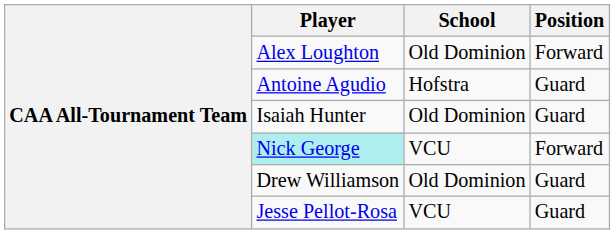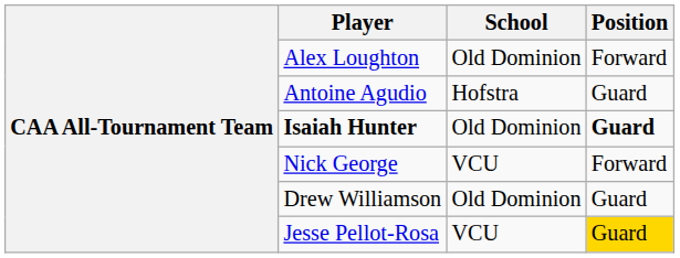 <table class="wikitable" border="1">
 <tr>
 <th rowspan=7 valign=middle>CAA All-Tournament Team</th>
 <th>Player</th>
 <th>School</th>
 <th>Position</th>
 </tr>
 <tr>
 <td><a href='#'>Alex Loughton</a></td>
 <td>Old Dominion</td>
 <td>Forward</td>
 </tr>
 <tr>
 <td><a href='#'>Antoine Agudio</a></td>
 <td>Hofstra</td>
 <td>Guard</td>
 </tr>
 <tr>
-<td>Isaiah Hunter</td>
+<td><strong>Isaiah Hunter</strong></td>
 <td>Old Dominion</td>
-<td>Guard</td>
+<td><strong>Guard</strong></td>
 </tr>
 <tr>
-<td style="background: paleturquoise;"><a href='#'>Nick George</a></td>
+<td><a href='#'>Nick George</a></td>
 <td>VCU</td>
 <td>Forward</td>
 </tr>
 <tr>
 <td>Drew Williamson</td>
 <td>Old Dominion</td>
 <td>Guard</td>
 </tr>
 <tr>
 <td><a href='#'>Jesse Pellot-Rosa</a></td>
 <td>VCU</td>
-<td>Guard</td>
+<td style="background: gold;">Guard</td>
 </tr>
 </table>
